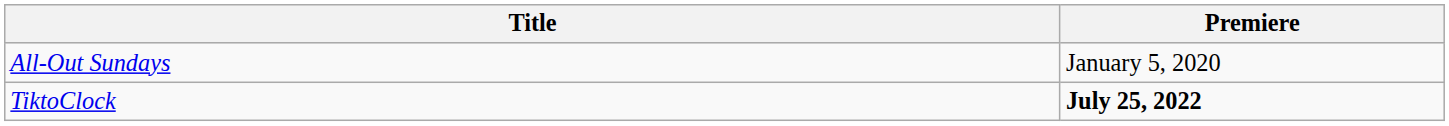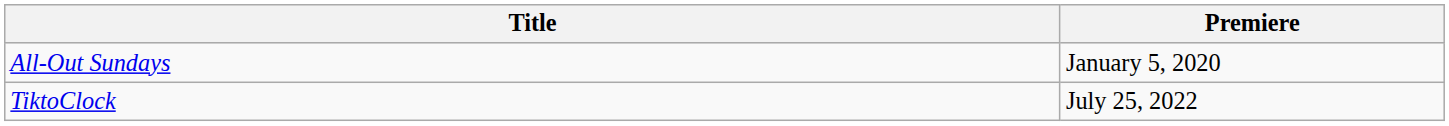 <table class="wikitable sortable" width="75%">
 <tr>
 <th style="width:55%;">Title</th>
 <th style="width:20%;">Premiere</th>
 </tr>
 <tr>
 <td><em><a href='#'>All-Out Sundays</a></em></td>
 <td>January 5, 2020</td>
 </tr>
 <tr>
 <td><em><a href='#'>TiktoClock</a></em></td>
-<td><strong>July 25, 2022</strong></td>
+<td>July 25, 2022</td>
 </tr>
 </table>
